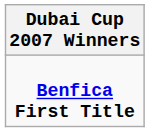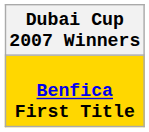 <table class="wikitable" style="text-align: center; margin: 0 auto;">
 <tr>
 <th>Dubai Cup<br>2007 Winners</th>
 </tr>
 <tr>
-<td><br><strong><a href='#'>Benfica</a></strong><br><strong>First Title</strong></td>
+<td style="background: gold;"><br><strong><a href='#'>Benfica</a></strong><br><strong>First Title</strong></td>
 </tr>
 </table>
